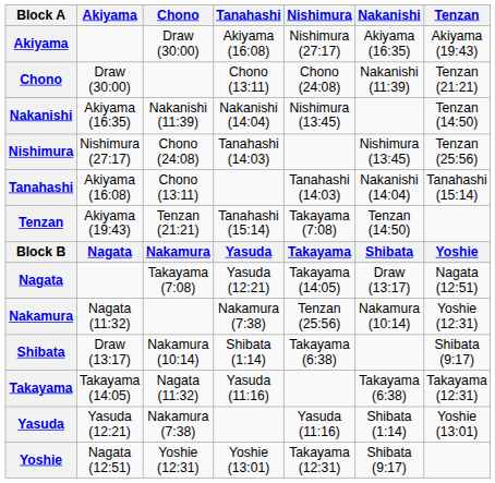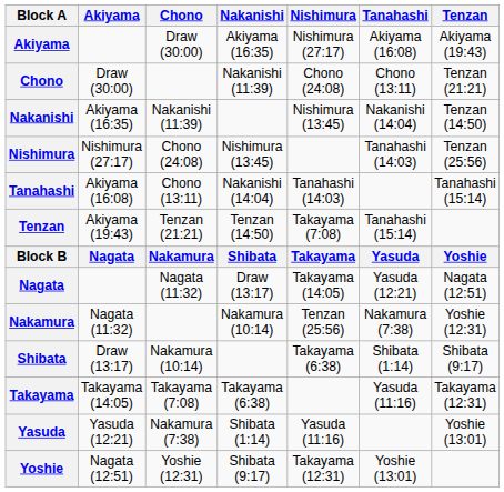 <table class="wikitable" style="margin: 1em auto 1em auto">
 <tr align="center">
 <th>Block A</th>
 <th><a href='#'>Akiyama</a></th>
 <th><a href='#'>Chono</a></th>
+<th><a href='#'>Nakanishi</a></th>
+<th><a href='#'>Nishimura</a></th>
 <th><a href='#'>Tanahashi</a></th>
-<th><a href='#'>Nishimura</a></th>
-<th><a href='#'>Nakanishi</a></th>
 <th><a href='#'>Tenzan</a></th>
 </tr>
 <tr align="center">
 <th><a href='#'>Akiyama</a></th>
 <td></td>
 <td>Draw<br>(30:00)</td>
+<td>Akiyama<br>(16:35)</td>
+<td>Nishimura<br>(27:17)</td>
 <td>Akiyama<br>(16:08)</td>
-<td>Nishimura<br>(27:17)</td>
-<td>Akiyama<br>(16:35)</td>
 <td>Akiyama<br>(19:43)</td>
 </tr>
 <tr align="center">
 <th><a href='#'>Chono</a></th>
 <td>Draw<br>(30:00)</td>
 <td></td>
+<td>Nakanishi<br>(11:39)</td>
+<td>Chono<br>(24:08)</td>
 <td>Chono<br>(13:11)</td>
-<td>Chono<br>(24:08)</td>
-<td>Nakanishi<br>(11:39)</td>
 <td>Tenzan<br>(21:21)</td>
 </tr>
 <tr align="center">
 <th><a href='#'>Nakanishi</a></th>
 <td>Akiyama<br>(16:35)</td>
 <td>Nakanishi<br>(11:39)</td>
+<td></td>
+<td>Nishimura<br>(13:45)</td>
 <td>Nakanishi<br>(14:04)</td>
-<td>Nishimura<br>(13:45)</td>
-<td></td>
 <td>Tenzan<br>(14:50)</td>
 </tr>
 <tr align="center">
 <th><a href='#'>Nishimura</a></th>
 <td>Nishimura<br>(27:17)</td>
 <td>Chono<br>(24:08)</td>
+<td>Nishimura<br>(13:45)</td>
+<td></td>
 <td>Tanahashi<br>(14:03)</td>
-<td></td>
-<td>Nishimura<br>(13:45)</td>
 <td>Tenzan<br>(25:56)</td>
 </tr>
 <tr align="center">
 <th><a href='#'>Tanahashi</a></th>
 <td>Akiyama<br>(16:08)</td>
 <td>Chono<br>(13:11)</td>
+<td>Nakanishi<br>(14:04)</td>
+<td>Tanahashi<br>(14:03)</td>
 <td></td>
-<td>Tanahashi<br>(14:03)</td>
-<td>Nakanishi<br>(14:04)</td>
 <td>Tanahashi<br>(15:14)</td>
 </tr>
 <tr align="center">
 <th><a href='#'>Tenzan</a></th>
 <td>Akiyama<br>(19:43)</td>
 <td>Tenzan<br>(21:21)</td>
+<td>Tenzan<br>(14:50)</td>
+<td>Takayama<br>(7:08)</td>
 <td>Tanahashi<br>(15:14)</td>
-<td>Takayama<br>(7:08)</td>
-<td>Tenzan<br>(14:50)</td>
 <td></td>
 </tr>
 <tr>
 <th>Block B</th>
 <th><a href='#'>Nagata</a></th>
 <th><a href='#'>Nakamura</a></th>
+<th><a href='#'>Shibata</a></th>
+<th><a href='#'>Takayama</a></th>
 <th><a href='#'>Yasuda</a></th>
-<th><a href='#'>Takayama</a></th>
-<th><a href='#'>Shibata</a></th>
 <th><a href='#'>Yoshie</a></th>
 </tr>
 <tr align="center">
 <th><a href='#'>Nagata</a></th>
 <td></td>
-<td>Takayama<br>(7:08)</td>
+<td>Nagata<br>(11:32)</td>
+<td>Draw<br>(13:17)</td>
+<td>Takayama<br>(14:05)</td>
 <td>Yasuda<br>(12:21)</td>
-<td>Takayama<br>(14:05)</td>
-<td>Draw<br>(13:17)</td>
 <td>Nagata<br>(12:51)</td>
 </tr>
 <tr align="center">
 <th><a href='#'>Nakamura</a></th>
 <td>Nagata<br>(11:32)</td>
 <td></td>
+<td>Nakamura<br>(10:14)</td>
+<td>Tenzan<br>(25:56)</td>
 <td>Nakamura<br>(7:38)</td>
-<td>Tenzan<br>(25:56)</td>
-<td>Nakamura<br>(10:14)</td>
 <td>Yoshie<br>(12:31)</td>
 </tr>
 <tr align="center">
 <th><a href='#'>Shibata</a></th>
 <td>Draw<br>(13:17)</td>
 <td>Nakamura<br>(10:14)</td>
+<td></td>
+<td>Takayama<br>(6:38)</td>
 <td>Shibata<br>(1:14)</td>
-<td>Takayama<br>(6:38)</td>
-<td></td>
 <td>Shibata<br>(9:17)</td>
 </tr>
 <tr align="center">
 <th><a href='#'>Takayama</a></th>
 <td>Takayama<br>(14:05)</td>
-<td>Nagata<br>(11:32)</td>
+<td>Takayama<br>(7:08)</td>
+<td>Takayama<br>(6:38)</td>
+<td></td>
 <td>Yasuda<br>(11:16)</td>
-<td></td>
-<td>Takayama<br>(6:38)</td>
 <td>Takayama<br>(12:31)</td>
 </tr>
 <tr align="center">
 <th><a href='#'>Yasuda</a></th>
 <td>Yasuda<br>(12:21)</td>
 <td>Nakamura<br>(7:38)</td>
+<td>Shibata<br>(1:14)</td>
+<td>Yasuda<br>(11:16)</td>
 <td></td>
-<td>Yasuda<br>(11:16)</td>
-<td>Shibata<br>(1:14)</td>
 <td>Yoshie<br>(13:01)</td>
 </tr>
 <tr align="center">
 <th><a href='#'>Yoshie</a></th>
 <td>Nagata<br>(12:51)</td>
 <td>Yoshie<br>(12:31)</td>
+<td>Shibata<br>(9:17)</td>
+<td>Takayama<br>(12:31)</td>
 <td>Yoshie<br>(13:01)</td>
-<td>Takayama<br>(12:31)</td>
-<td>Shibata<br>(9:17)</td>
 <td></td>
 </tr>
 </table>
